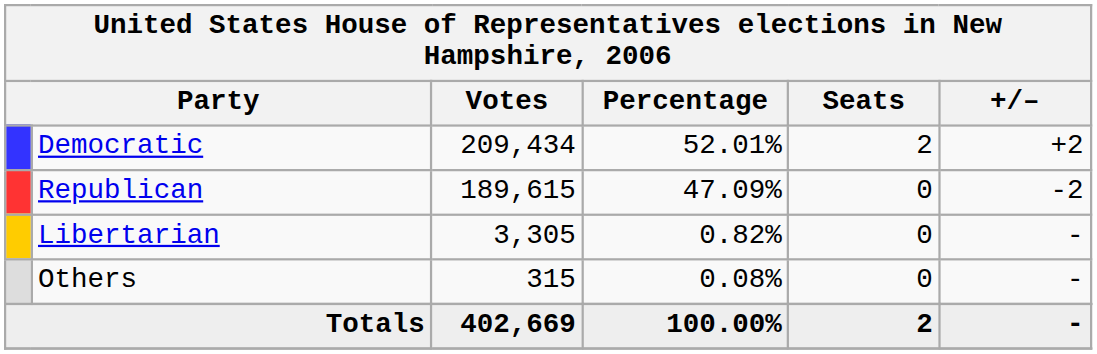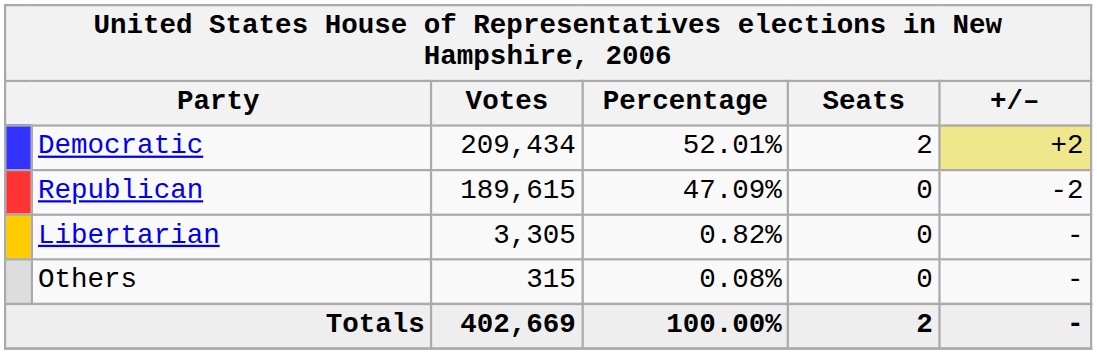 <table class="wikitable" style="font-size: 95%;">
 <tr>
 <th colspan="6">United States House of Representatives elections in New Hampshire, 2006</th>
 </tr>
 <tr>
 <th colspan=2 style="width: 15em">Party</th>
 <th style="width: 5em">Votes</th>
 <th style="width: 7em">Percentage</th>
 <th style="width: 5em">Seats</th>
 <th style="width: 5em">+/–</th>
 </tr>
 <tr>
 <th style="background-color:#3333FF; width: 3px"></th>
 <td style="width: 130px"><a href='#'>Democratic</a></td>
 <td align="right">209,434</td>
 <td align="right">52.01%</td>
 <td align="right">2</td>
-<td align="right">+2</td>
+<td align="right" style="background: khaki;">+2</td>
 </tr>
 <tr>
 <th style="background-color:#FF3333; width: 3px"></th>
 <td style="width: 130px"><a href='#'>Republican</a></td>
 <td align="right">189,615</td>
 <td align="right">47.09%</td>
 <td align="right">0</td>
 <td align="right">-2</td>
 </tr>
 <tr>
 <th style="background-color:#FFCC00; width: 3px"></th>
 <td style="width: 130px"><a href='#'>Libertarian</a></td>
 <td align="right">3,305</td>
 <td align="right">0.82%</td>
 <td align="right">0</td>
 <td align="right">-</td>
 </tr>
 <tr>
 <th style="background-color:#DDDDDD; width: 3px"></th>
 <td style="width: 130px">Others</td>
 <td align="right">315</td>
 <td align="right">0.08%</td>
 <td align="right">0</td>
 <td align="right">-</td>
 </tr>
 <tr>
 </tr>
 <tr bgcolor="#EEEEEE">
 <td colspan="2" align="right"><strong>Totals</strong></td>
 <td align="right"><strong>402,669</strong></td>
 <td align="right"><strong>100.00%</strong></td>
 <td align="right"><strong>2</strong></td>
 <td align="right"><strong>-</strong></td>
 </tr>
 <tr bgcolor="#EEEEEE">
 </tr>
 </table>
